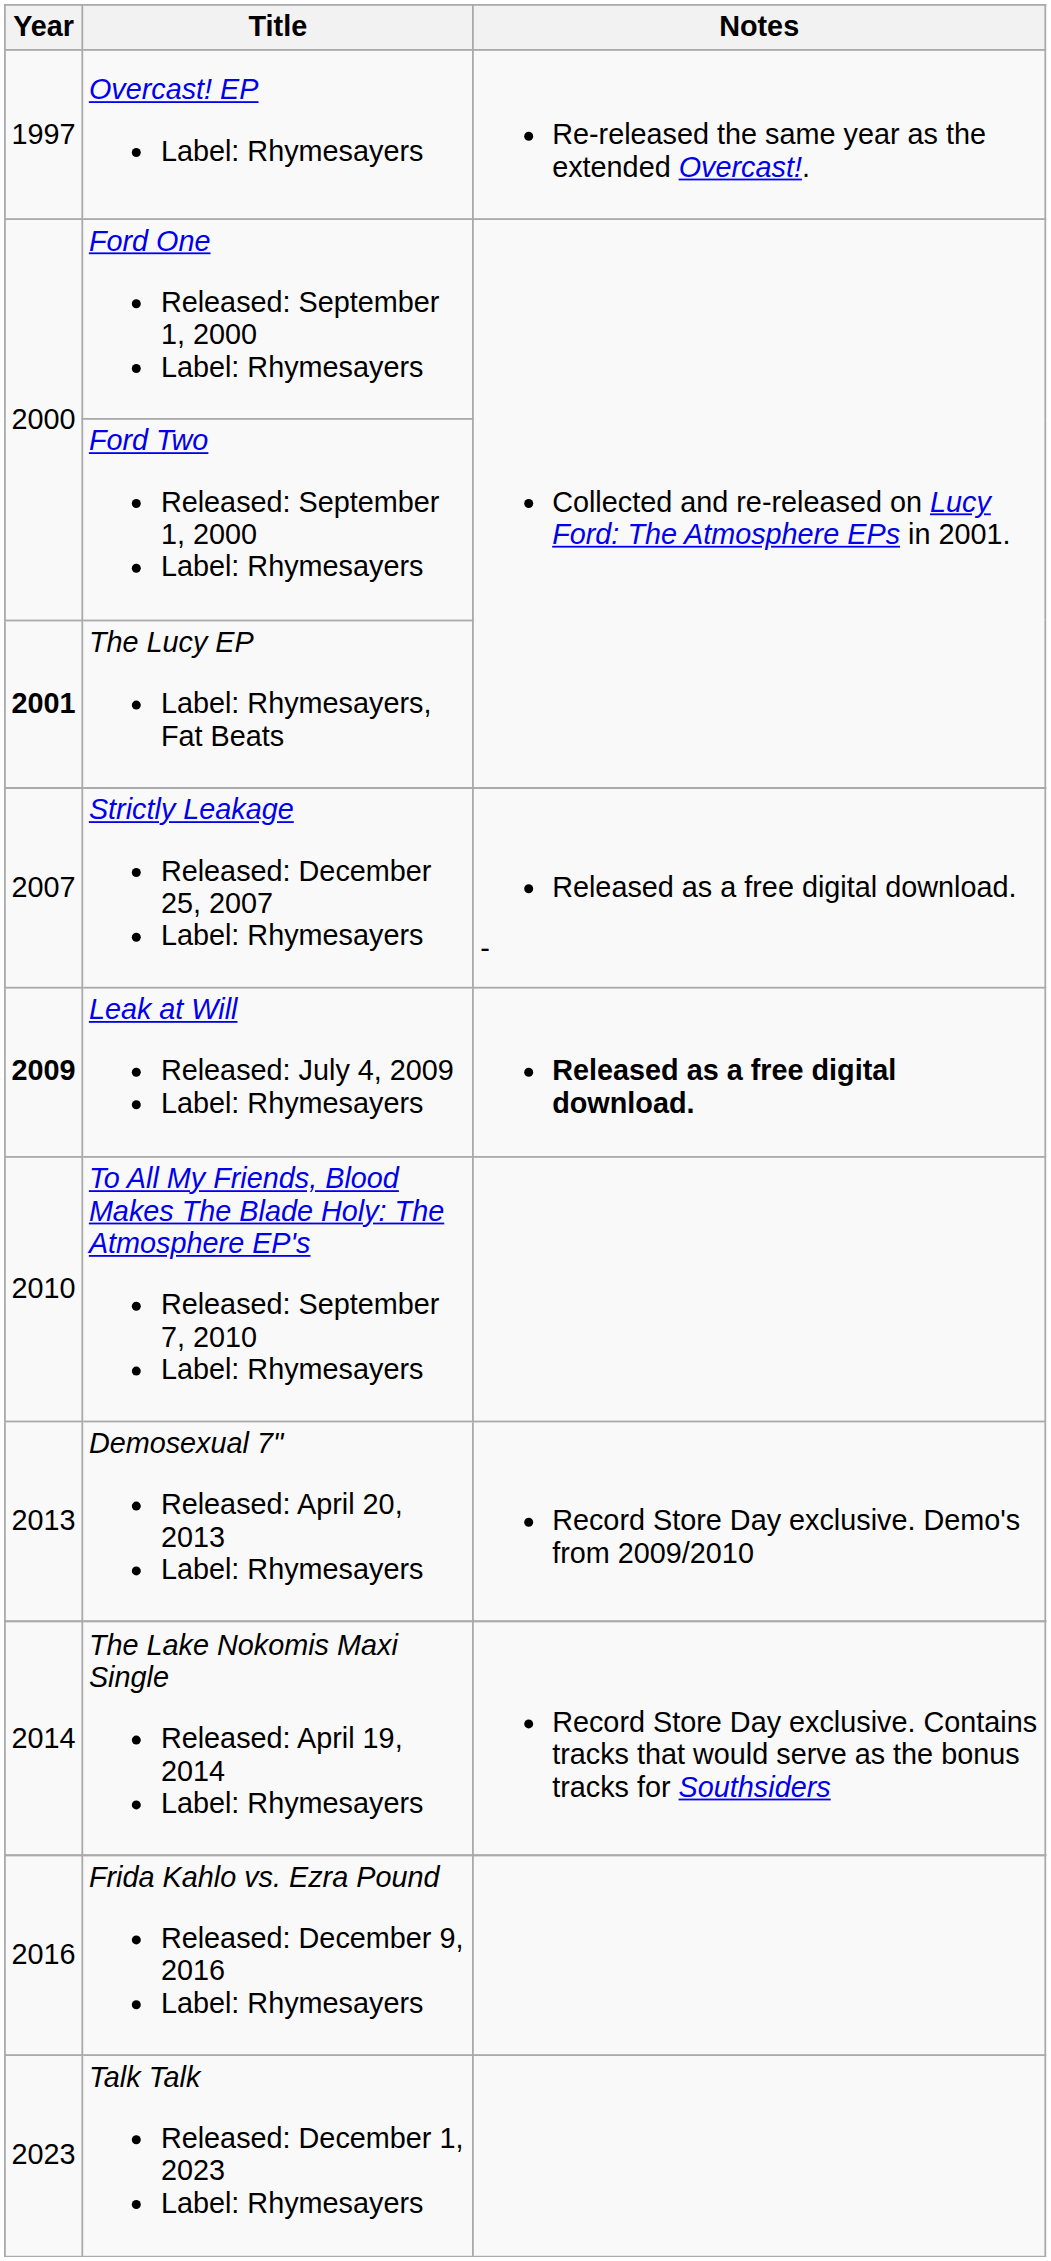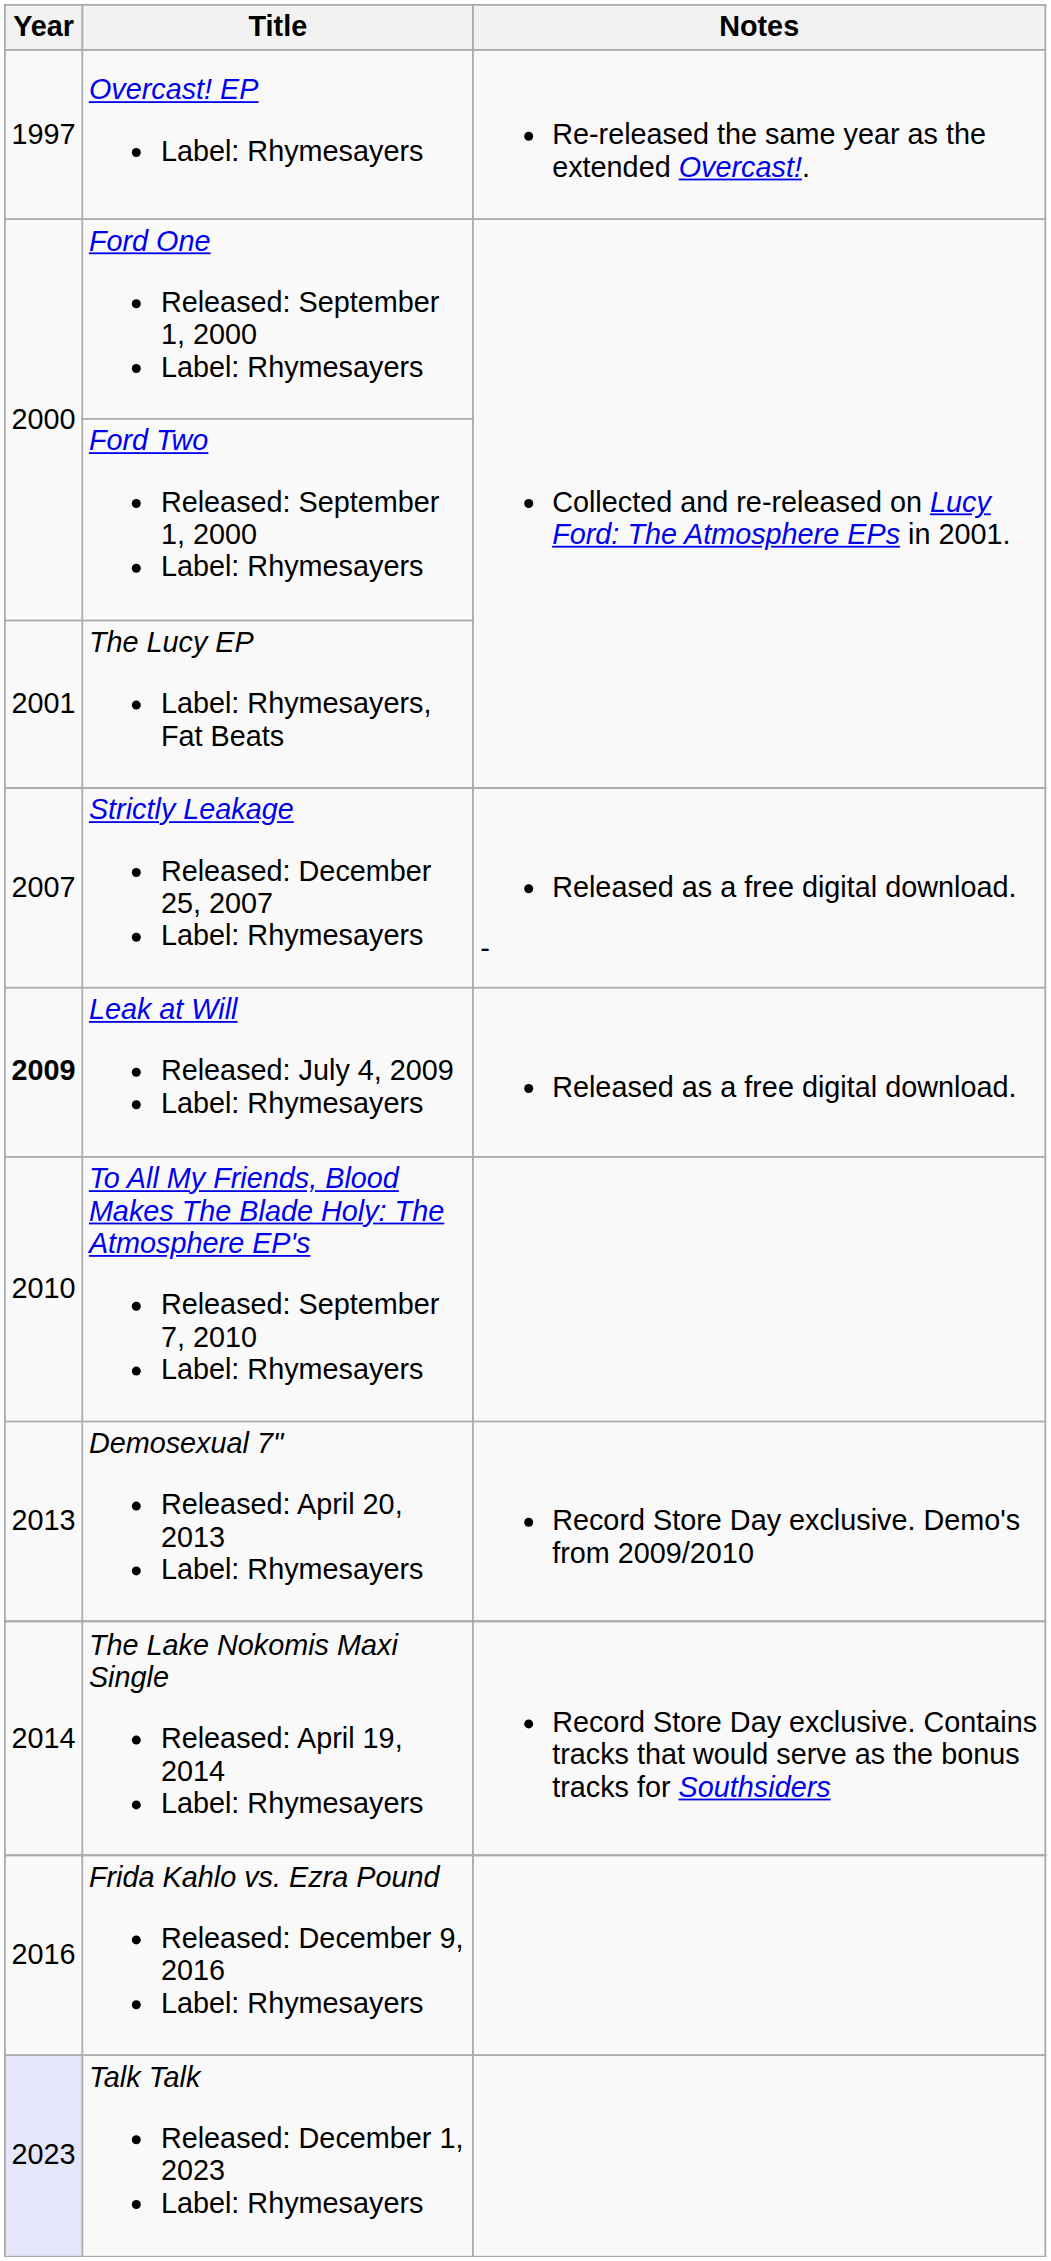 <table class="wikitable">
 <tr>
 <th width="33">Year</th>
 <th width="210">Title</th>
 <th width="310">Notes</th>
 </tr>
 <tr>
 <td align="center">1997</td>
 <td><em><a href='#'>Overcast! EP</a></em><br><ul><li>Label: Rhymesayers</li></ul></td>
 <td><br><ul><li>Re-released the same year as the extended <em><a href='#'>Overcast!</a></em>.</li></ul></td>
 </tr>
 <tr>
 <td rowspan="2" align="center">2000</td>
 <td><em><a href='#'>Ford One</a></em><br><ul><li>Released: September 1, 2000</li><li>Label: Rhymesayers</li></ul></td>
 <td rowspan="3"><br><ul><li>Collected and re-released on <em><a href='#'>Lucy Ford: The Atmosphere EPs</a></em> in 2001.</li></ul></td>
 </tr>
 <tr>
 <td><em><a href='#'>Ford Two</a></em><br><ul><li>Released: September 1, 2000</li><li>Label: Rhymesayers</li></ul></td>
 </tr>
 <tr>
-<td rowspan="1" align="center"><strong>2001</strong></td>
+<td rowspan="1" align="center">2001</td>
 <td><em>The Lucy EP</em><br><ul><li>Label: Rhymesayers, Fat Beats</li></ul></td>
 </tr>
 <tr>
 </tr>
 <tr>
 <td align="center">2007</td>
 <td><em><a href='#'>Strictly Leakage</a></em><br><ul><li>Released: December 25, 2007</li><li>Label: Rhymesayers</li></ul></td>
 <td><br><ul><li>Released as a free digital download.</li></ul>-</td>
 </tr>
 <tr>
 <td align="center"><strong>2009</strong></td>
 <td><em><a href='#'>Leak at Will</a></em><br><ul><li>Released: July 4, 2009</li><li>Label: Rhymesayers</li></ul></td>
-<td><strong><br><ul><li>Released as a free digital download.</li></ul></strong></td>
+<td><br><ul><li>Released as a free digital download.</li></ul></td>
 </tr>
 <tr>
 <td align="center">2010</td>
 <td><em><a href='#'>To All My Friends, Blood Makes The Blade Holy: The Atmosphere EP's</a></em><br><ul><li>Released: September 7, 2010</li><li>Label: Rhymesayers</li></ul></td>
 <td></td>
 </tr>
 <tr>
 <td align="center">2013</td>
 <td><em>Demosexual 7"</em><br><ul><li>Released: April 20, 2013</li><li>Label: Rhymesayers</li></ul></td>
 <td><br><ul><li>Record Store Day exclusive. Demo's from 2009/2010</li></ul></td>
 </tr>
 <tr>
 </tr>
 <tr>
 <td align="center">2014</td>
 <td><em>The Lake Nokomis Maxi Single </em><br><ul><li>Released: April 19, 2014</li><li>Label: Rhymesayers</li></ul></td>
 <td><br><ul><li>Record Store Day exclusive. Contains tracks that would serve as the bonus tracks for <em><a href='#'>Southsiders</a></em></li></ul></td>
 </tr>
 <tr>
 </tr>
 <tr>
 <td align="center">2016</td>
 <td><em>Frida Kahlo vs. Ezra Pound </em><br><ul><li>Released: December 9, 2016</li><li>Label: Rhymesayers</li></ul></td>
 <td></td>
 </tr>
 <tr>
-<td align="center">2023</td>
+<td align="center" style="background: lavender;">2023</td>
 <td><em>Talk Talk</em><br><ul><li>Released: December 1, 2023</li><li>Label: Rhymesayers</li></ul></td>
 <td></td>
 </tr>
 </table>
